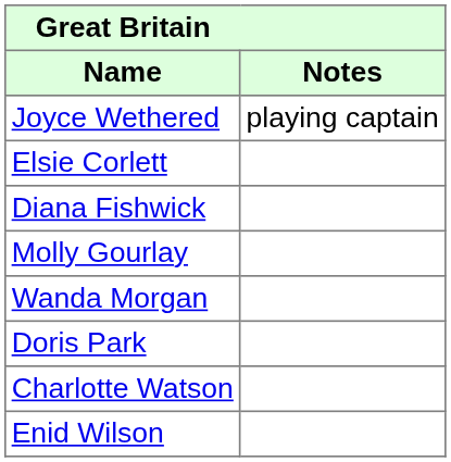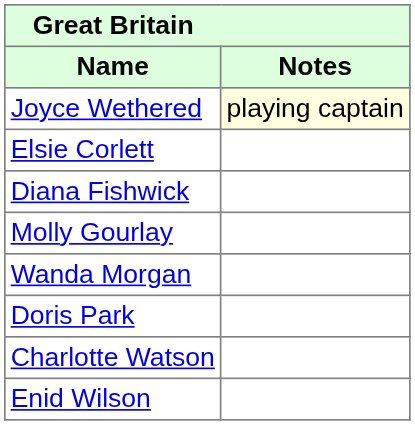 <table border="1" cellpadding="3" style="border-collapse: collapse;">
 <tr style="background:#ddffdd;">
 <td colspan=5>   <strong>Great Britain</strong></td>
 </tr>
 <tr style="background:#ddffdd;">
 <th>Name</th>
 <th>Notes</th>
 </tr>
 <tr>
 <td> <a href='#'>Joyce Wethered</a></td>
-<td>playing captain</td>
+<td style="background: lightyellow;">playing captain</td>
 </tr>
 <tr>
 <td> <a href='#'>Elsie Corlett</a></td>
 <td></td>
 </tr>
 <tr>
 <td> <a href='#'>Diana Fishwick</a></td>
 <td></td>
 </tr>
 <tr>
 <td> <a href='#'>Molly Gourlay</a></td>
 <td></td>
 </tr>
 <tr>
 <td> <a href='#'>Wanda Morgan</a></td>
 <td></td>
 </tr>
 <tr>
 <td> <a href='#'>Doris Park</a></td>
 <td></td>
 </tr>
 <tr>
 <td> <a href='#'>Charlotte Watson</a></td>
 <td></td>
 </tr>
 <tr>
 <td> <a href='#'>Enid Wilson</a></td>
 <td></td>
 </tr>
 </table>
